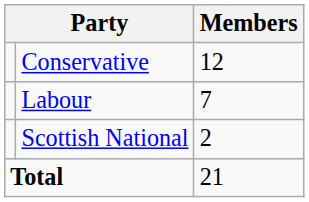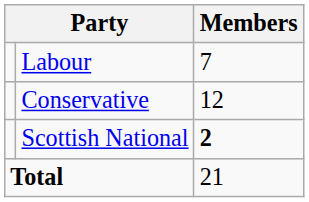 <table class="wikitable">
 <tr>
 <th colspan="2">Party</th>
 <th>Members</th>
+</tr>
+<tr>
+<td style="color:inherit;background:"></td>
+<td><a href='#'>Labour</a></td>
+<td>7</td>
 </tr>
 <tr>
 <td style="color:inherit;background:"></td>
 <td><a href='#'>Conservative</a></td>
 <td>12</td>
 </tr>
 <tr>
 <td style="color:inherit;background:"></td>
-<td><a href='#'>Labour</a></td>
-<td>7</td>
-</tr>
-<tr>
-<td style="color:inherit;background:"></td>
 <td><a href='#'>Scottish National</a></td>
-<td>2</td>
+<td><strong>2</strong></td>
 </tr>
 <tr>
 <td colspan="2"><strong>Total</strong></td>
 <td>21</td>
 </tr>
 </table>
